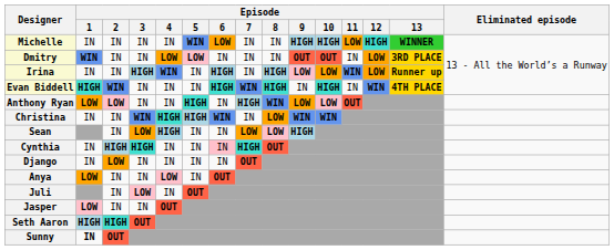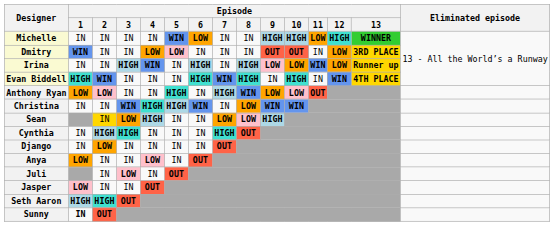 <table class="wikitable" style="text-align:center">
 <tr>
 <th rowspan="2">Designer</th>
 <th colspan="13">Episode</th>
 <th rowspan="2">Eliminated episode</th>
 </tr>
 <tr>
 <th>1</th>
 <th>2</th>
 <th>3</th>
 <th>4</th>
 <th>5</th>
 <th>6</th>
 <th>7</th>
 <th>8</th>
 <th>9</th>
 <th>10</th>
 <th>11</th>
 <th>12</th>
 <th>13</th>
 </tr>
 <tr>
 <th style="background:#FAFAD2;">Michelle</th>
 <td>IN</td>
 <td>IN</td>
 <td>IN</td>
 <td>IN</td>
 <td style="background:cornflowerblue;"><strong>WIN</strong></td>
 <td style="background:orange;"><strong>LOW</strong></td>
 <td>IN</td>
 <td>IN</td>
 <td style="background:lightblue;"><strong>HIGH</strong></td>
 <td style="background:lightblue;"><strong>HIGH</strong></td>
 <td style="background:orange;"><strong>LOW</strong></td>
 <td style="background:turquoise;"><strong>HIGH</strong></td>
 <td style="background:limegreen;"><strong>WINNER</strong></td>
 <td rowspan="4">13 - All the World’s a Runway</td>
 </tr>
 <tr>
 <th style="background:#FAFAD2;">Dmitry</th>
 <td style="background:cornflowerblue;"><strong>WIN</strong></td>
 <td>IN</td>
 <td>IN</td>
 <td style="background:orange;"><strong>LOW</strong></td>
 <td style="background:pink;"><strong>LOW</strong></td>
 <td>IN</td>
 <td>IN</td>
 <td>IN</td>
 <td style="background:tomato;"><strong>OUT</strong></td>
 <td style="background:tomato;"><strong>OUT</strong></td>
 <td>IN</td>
 <td style="background:orange;"><strong>LOW</strong></td>
 <td style="background:gold;"><strong>3RD PLACE</strong></td>
 </tr>
 <tr>
 <th style="background:#FAFAD2;">Irina</th>
 <td>IN</td>
 <td>IN</td>
 <td style="background:lightblue;"><strong>HIGH</strong></td>
 <td style="background:cornflowerblue;"><strong>WIN</strong></td>
 <td>IN</td>
 <td style="background:lightblue;"><strong>HIGH</strong></td>
 <td>IN</td>
 <td style="background:lightblue;"><strong>HIGH</strong></td>
 <td style="background:pink;"><strong>LOW</strong></td>
 <td style="background:orange;"><strong>LOW</strong></td>
 <td style="background:cornflowerblue;"><strong>WIN</strong></td>
 <td style="background:orange;"><strong>LOW</strong></td>
 <td style="background:gold;"><strong>Runner up</strong></td>
 </tr>
 <tr>
 <th style="background:#FAFAD2;">Evan Biddell</th>
 <td style="background:turquoise;"><strong>HIGH</strong></td>
 <td style="background:cornflowerblue;"><strong>WIN</strong></td>
 <td>IN</td>
 <td>IN</td>
 <td>IN</td>
 <td style="background:turquoise;"><strong>HIGH</strong></td>
 <td style="background:cornflowerblue;"><strong>WIN</strong></td>
 <td style="background:turquoise;"><strong>HIGH</strong></td>
 <td>IN</td>
 <td style="background:turquoise;"><strong>HIGH</strong></td>
 <td>IN</td>
 <td style="background:cornflowerblue;"><strong>WIN</strong></td>
 <td style="background:gold;"><strong>4TH PLACE</strong></td>
 </tr>
 <tr>
 <th>Anthony Ryan</th>
 <td style="background:orange;"><strong>LOW</strong></td>
 <td style="background:pink;"><strong>LOW</strong></td>
 <td>IN</td>
 <td>IN</td>
 <td style="background:turquoise;"><strong>HIGH</strong></td>
 <td>IN</td>
 <td style="background:lightblue;"><strong>HIGH</strong></td>
 <td style="background:cornflowerblue;"><strong>WIN</strong></td>
 <td style="background:orange;"><strong>LOW</strong></td>
 <td style="background:pink;"><strong>LOW</strong></td>
 <td style="background:tomato;"><strong>OUT</strong></td>
 <td style="background:darkgrey;" colspan="2"></td>
 <td></td>
 </tr>
 <tr>
 <th>Christina</th>
 <td>IN</td>
 <td>IN</td>
 <td style="background:cornflowerblue;"><strong>WIN</strong></td>
 <td style="background:turquoise;"><strong>HIGH</strong></td>
 <td style="background:lightblue;"><strong>HIGH</strong></td>
 <td style="background:cornflowerblue;"><strong>WIN</strong></td>
 <td>IN</td>
 <td style="background:orange;"><strong>LOW</strong></td>
 <td style="background:cornflowerblue;"><strong>WIN</strong></td>
 <td style="background:cornflowerblue;"><strong>WIN</strong></td>
 <td style="background:darkgrey;" colspan="3"></td>
 <td></td>
 </tr>
 <tr>
 <th>Sean</th>
 <td style="background:darkgrey;"></td>
-<td>IN</td>
+<td style="background: gold;">IN</td>
 <td style="background:orange;"><strong>LOW</strong></td>
 <td style="background:lightblue;"><strong>HIGH</strong></td>
 <td>IN</td>
 <td>IN</td>
 <td style="background:orange;"><strong>LOW</strong></td>
 <td style="background:pink;"><strong>LOW</strong></td>
 <td style="background:lightblue;"><strong>HIGH</strong></td>
 <td style="background:darkgrey;" colspan="4"></td>
 <td></td>
 </tr>
 <tr>
 <th>Cynthia</th>
 <td>IN</td>
 <td style="background:lightblue;"><strong>HIGH</strong></td>
 <td style="background:turquoise;"><strong>HIGH</strong></td>
 <td>IN</td>
 <td>IN</td>
-<td style="background: pink;">IN</td>
+<td>IN</td>
 <td style="background:turquoise;"><strong>HIGH</strong></td>
 <td style="background:tomato;"><strong>OUT</strong></td>
 <td style="background:darkgrey;" colspan="5"></td>
 <td></td>
 </tr>
 <tr>
 <th>Django</th>
 <td>IN</td>
 <td style="background:orange;"><strong>LOW</strong></td>
 <td>IN</td>
 <td>IN</td>
 <td>IN</td>
 <td>IN</td>
 <td style="background:tomato;"><strong>OUT</strong></td>
 <td style="background:darkgrey;" colspan="6"></td>
 <td></td>
 </tr>
 <tr>
 <th>Anya</th>
 <td style="background:orange;"><strong>LOW</strong></td>
 <td>IN</td>
 <td>IN</td>
 <td style="background:pink;"><strong>LOW</strong></td>
 <td>IN</td>
 <td style="background:tomato;"><strong>OUT</strong></td>
 <td style="background:darkgrey;" colspan="7"></td>
 <td></td>
 </tr>
 <tr>
 <th>Juli</th>
 <td style="background:darkgrey;"></td>
 <td>IN</td>
 <td style="background:pink;"><strong>LOW</strong></td>
 <td>IN</td>
 <td style="background:tomato;"><strong>OUT</strong></td>
 <td style="background:darkgrey;" colspan="8"></td>
 <td></td>
 </tr>
 <tr>
 <th>Jasper</th>
 <td style="background:pink;"><strong>LOW</strong></td>
 <td>IN</td>
 <td>IN</td>
 <td style="background:tomato;"><strong>OUT</strong></td>
 <td style="background:darkgrey;" colspan="9"></td>
 <td></td>
 </tr>
 <tr>
 <th>Seth Aaron</th>
 <td style="background:lightblue;"><strong>HIGH</strong></td>
 <td style="background:turquoise;"><strong>HIGH</strong></td>
 <td style="background:tomato;"><strong>OUT</strong></td>
 <td style="background:darkgrey;" colspan="10"></td>
 <td></td>
 </tr>
 <tr>
 <th>Sunny</th>
 <td><strong>IN</strong></td>
 <td style="background:tomato;"><strong>OUT</strong></td>
 <td style="background:darkgrey;" colspan="11"></td>
 <td></td>
 </tr>
 </table>
